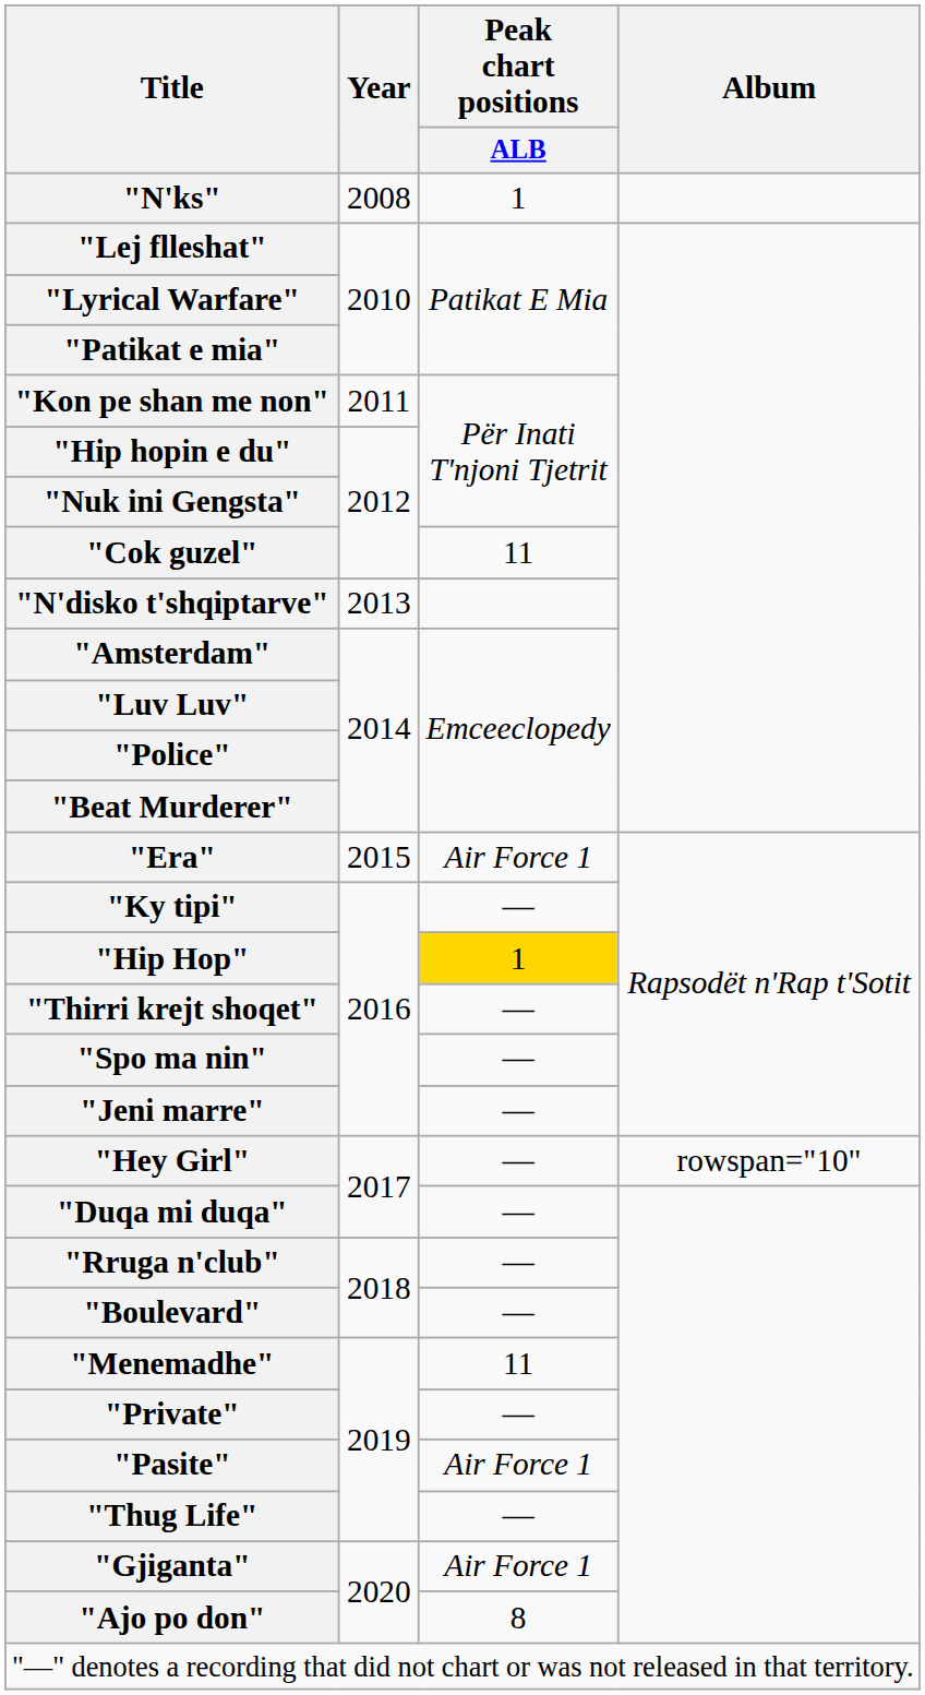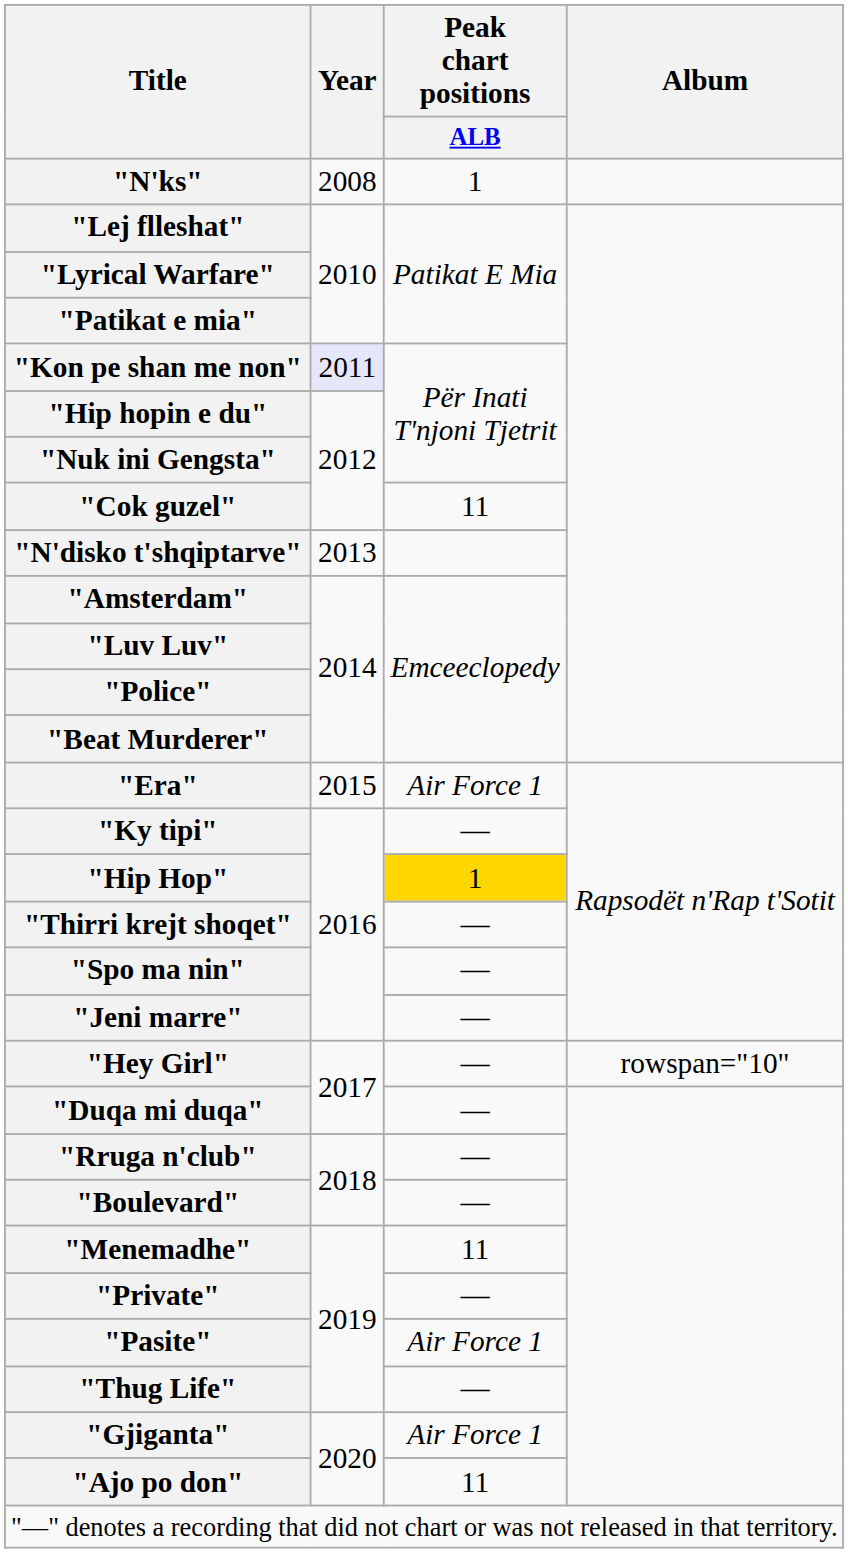 <table class="wikitable plainrowheaders" style="text-align:center;">
 <tr>
 <th scope="col" rowspan="2">Title</th>
 <th scope="col" rowspan="2">Year</th>
 <th scope="col" colspan="1">Peak<br>chart<br>positions</th>
 <th scope="col" rowspan="2">Album</th>
 </tr>
 <tr>
 <th style="width:3em; font-size:85%;"><a href='#'>ALB</a><br></th>
 </tr>
 <tr>
 <th scope="row">"N'ks"<br></th>
 <td>2008</td>
 <td>1</td>
 <td></td>
 </tr>
 <tr>
 <th scope="row">"Lej flleshat"</th>
 <td rowspan="3">2010</td>
 <td rowspan="3"><em>Patikat E Mia</em></td>
 </tr>
 <tr>
 <th scope="row">"Lyrical Warfare"<br></th>
 </tr>
 <tr>
 <th scope="row">"Patikat e mia"</th>
 </tr>
 <tr>
 <th scope="row">"Kon pe shan me non"<br></th>
-<td>2011</td>
+<td style="background: lavender;">2011</td>
 <td rowspan="3"><em>Për Inati T'njoni Tjetrit</em></td>
 </tr>
 <tr>
 <th scope="row">"Hip hopin e du"<br></th>
 <td rowspan="3">2012</td>
 </tr>
 <tr>
 <th scope="row">"Nuk ini Gengsta"<br></th>
 </tr>
 <tr>
 <th scope="row">"Cok guzel"</th>
 <td>11</td>
 </tr>
 <tr>
 <th scope="row">"N'disko t'shqiptarve"</th>
 <td>2013</td>
 <td></td>
 </tr>
 <tr>
 <th scope="row">"Amsterdam"</th>
 <td rowspan="4">2014</td>
 <td rowspan="4"><em>Emceeclopedy</em></td>
 </tr>
 <tr>
 <th scope="row">"Luv Luv"</th>
 </tr>
 <tr>
 <th scope="row">"Police"</th>
 </tr>
 <tr>
 <th scope="row">"Beat Murderer"<br></th>
 </tr>
 <tr>
 <th scope="row">"Era"<br></th>
 <td>2015</td>
 <td><em>Air Force 1</em></td>
 <td rowspan="6"><em>Rapsodët n'Rap t'Sotit</em></td>
 </tr>
 <tr>
 <th scope="row">"Ky tipi"<br></th>
 <td rowspan="5">2016</td>
 <td>—</td>
 </tr>
 <tr>
 <th scope="row">"Hip Hop"<br></th>
 <td style="background: gold;">1</td>
 </tr>
 <tr>
 <th scope="row">"Thirri krejt shoqet"<br></th>
 <td>—</td>
 </tr>
 <tr>
 <th scope="row">"Spo ma nin"<br></th>
 <td>—</td>
 </tr>
 <tr>
 <th scope="row">"Jeni marre"<br></th>
 <td>—</td>
 </tr>
 <tr>
 <th scope="row">"Hey Girl"<br></th>
 <td rowspan="2">2017</td>
 <td>—</td>
 <td>rowspan="10" </td>
 </tr>
 <tr>
 <th scope="row">"Duqa mi duqa"<br></th>
 <td>—</td>
 </tr>
 <tr>
 <th scope="row">"Rruga n'club"<br></th>
 <td rowspan="2">2018</td>
 <td>—</td>
 </tr>
 <tr>
 <th scope="row">"Boulevard"</th>
 <td>—</td>
 </tr>
 <tr>
 <th scope="row">"Menemadhe"<br></th>
 <td rowspan="4">2019</td>
 <td>11</td>
 </tr>
 <tr>
 <th scope="row">"Private"<br></th>
 <td>—</td>
 </tr>
 <tr>
 <th scope="row">"Pasite"<br></th>
 <td><em>Air Force 1</em></td>
 </tr>
 <tr>
 <th scope="row">"Thug Life"<br></th>
 <td>—</td>
 </tr>
 <tr>
 <th scope="row">"Gjiganta"<br></th>
 <td rowspan="2">2020</td>
 <td><em>Air Force 1</em></td>
 </tr>
 <tr>
 <th scope="row">"Ajo po don"<br></th>
-<td>8</td>
+<td>11</td>
 </tr>
 <tr>
 <td colspan="11" style="font-size:90%">"—" denotes a recording that did not chart or was not released in that territory.</td>
 </tr>
 </table>
